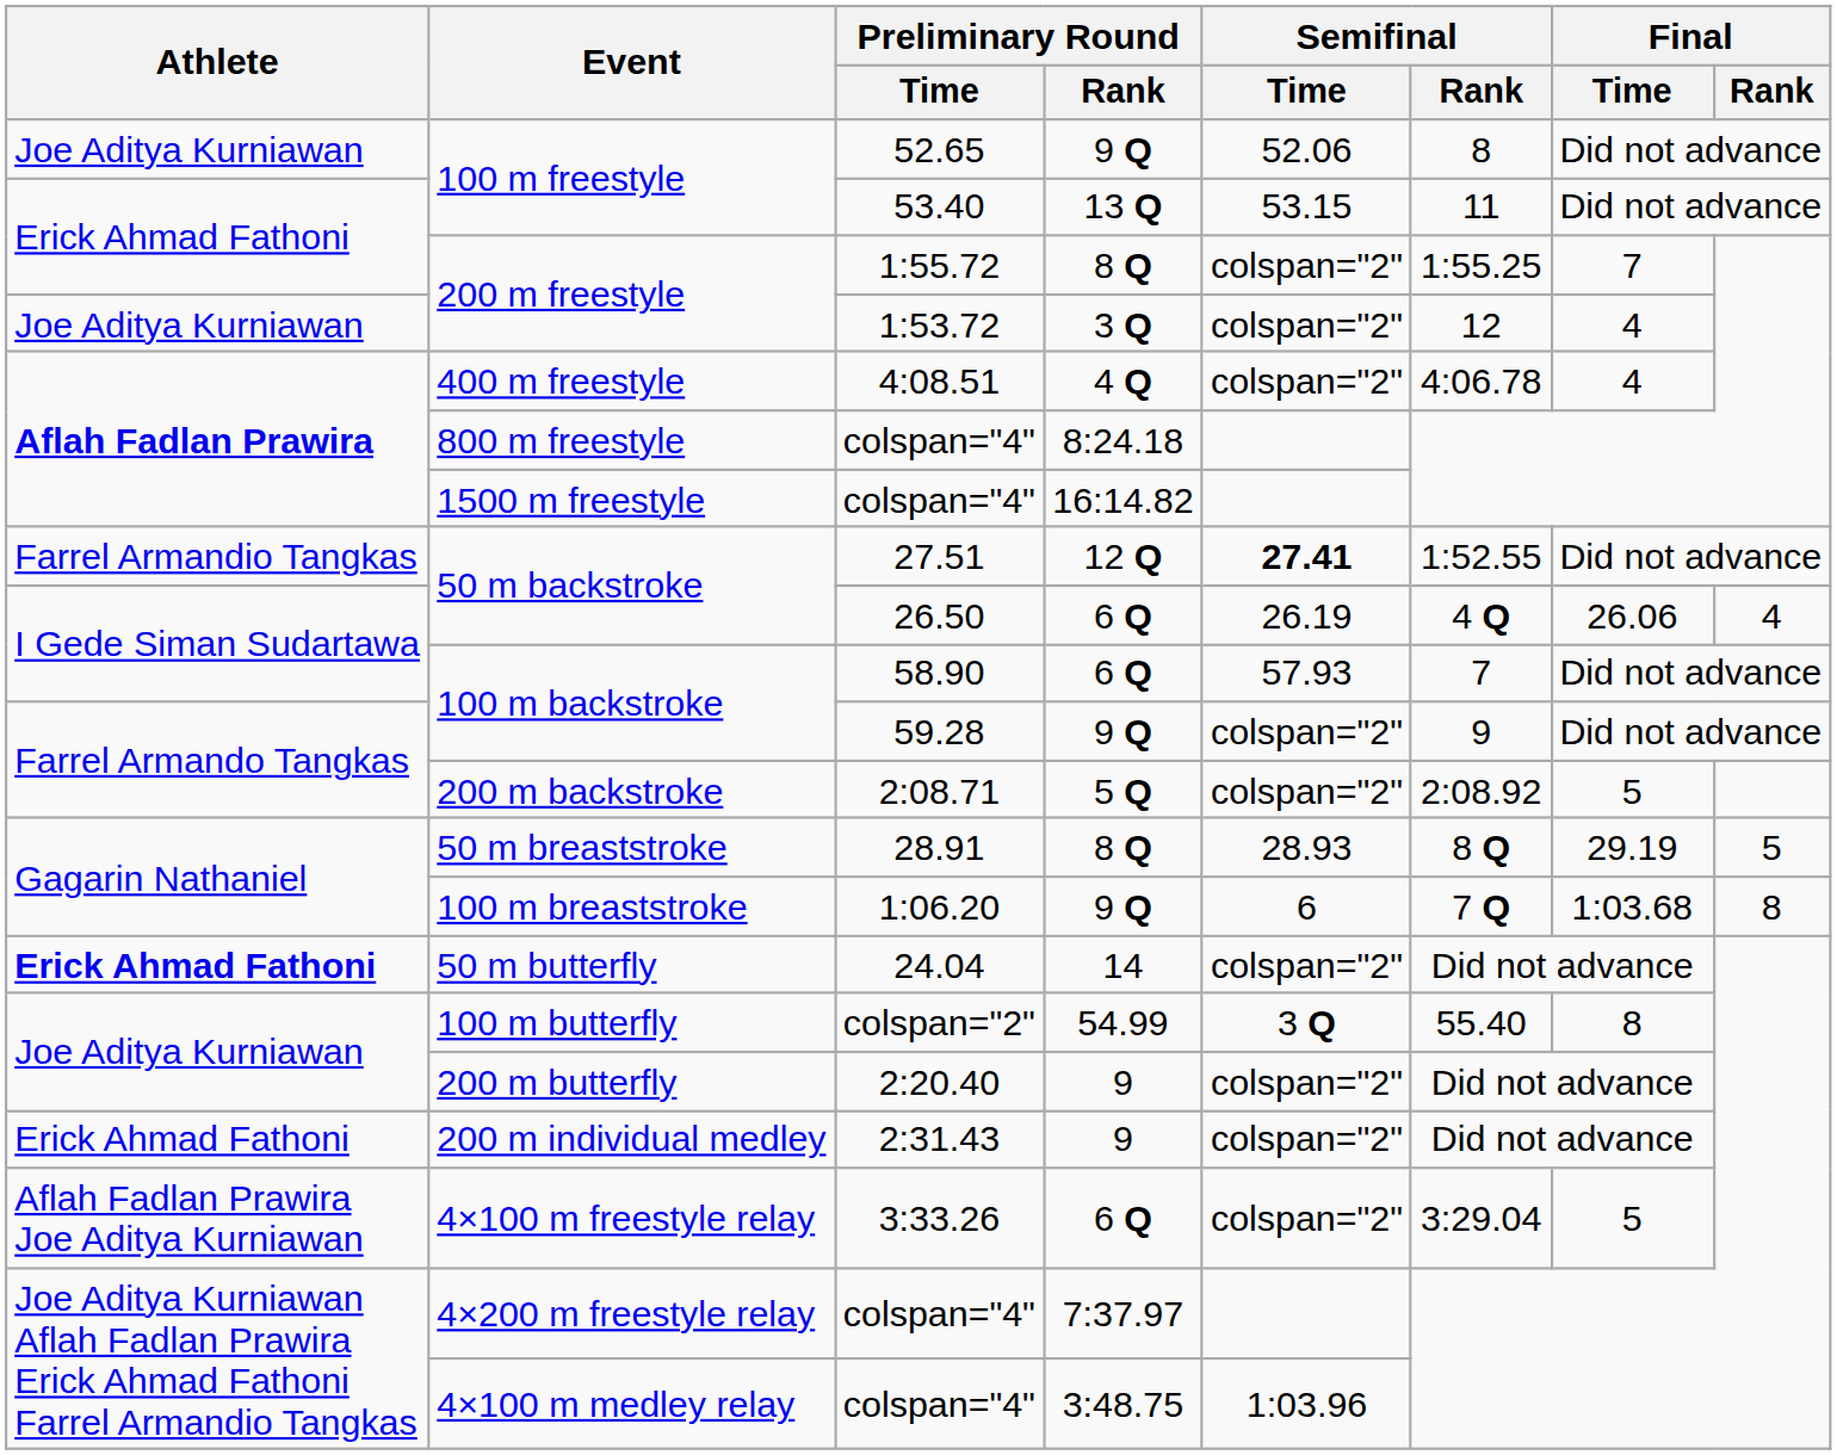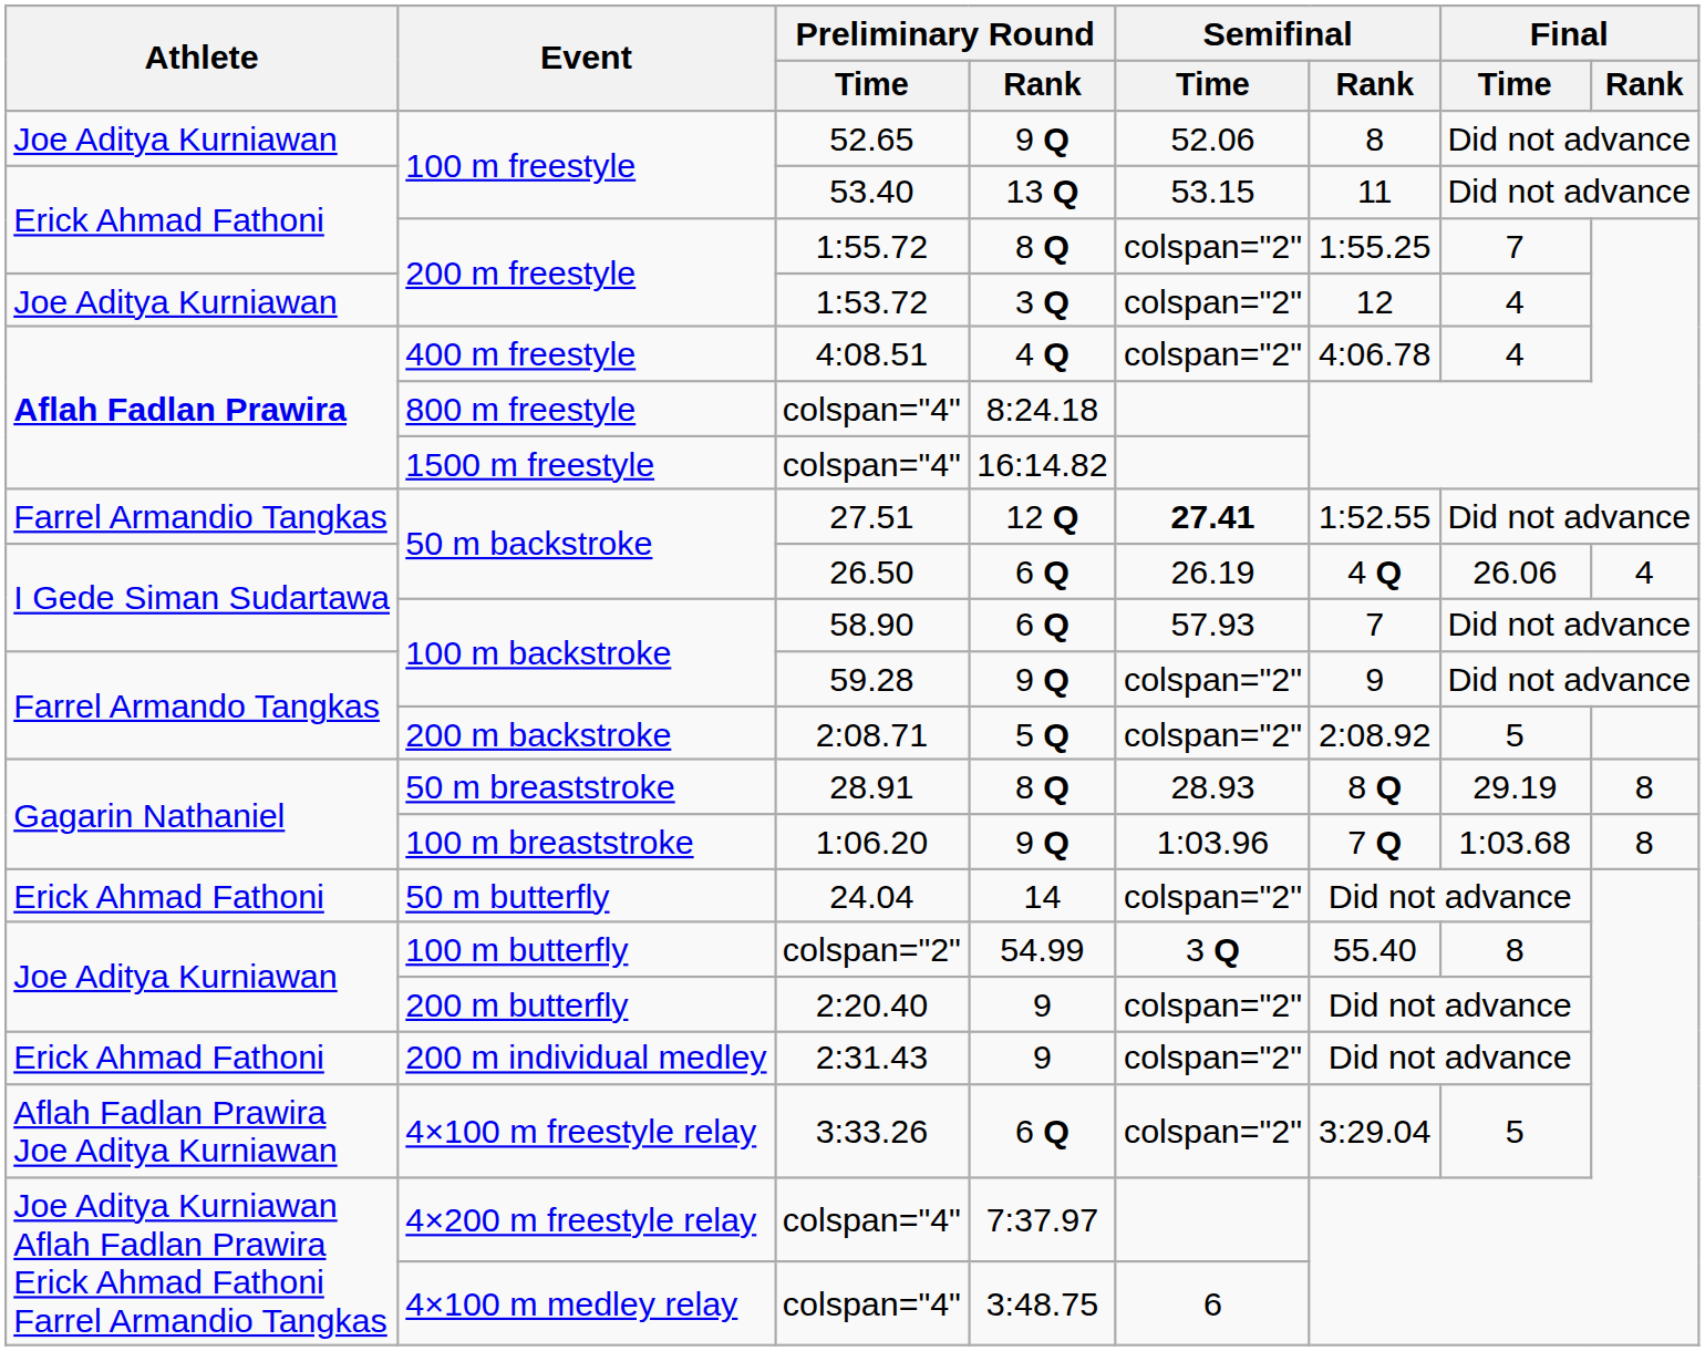 <table class=wikitable style=font-size:88%;text-align:center>
 <tr>
 <th rowspan=2>Athlete</th>
 <th rowspan=2>Event</th>
 <th colspan=2>Preliminary Round</th>
 <th colspan=2>Semifinal</th>
 <th colspan=2>Final</th>
 </tr>
 <tr style=font-size:95%>
 <th>Time</th>
 <th>Rank</th>
 <th>Time</th>
 <th>Rank</th>
 <th>Time</th>
 <th>Rank</th>
 </tr>
 <tr>
 <td align=left><a href='#'>Joe Aditya Kurniawan</a></td>
 <td align=left rowspan=2><a href='#'>100 m freestyle</a></td>
 <td>52.65</td>
 <td>9 <strong>Q</strong></td>
 <td>52.06</td>
 <td>8</td>
 <td colspan="2">Did not advance</td>
 </tr>
 <tr>
 <td align=left rowspan="2"><a href='#'>Erick Ahmad Fathoni</a></td>
 <td>53.40</td>
 <td>13 <strong>Q</strong></td>
 <td>53.15</td>
 <td>11</td>
 <td colspan="2">Did not advance</td>
 </tr>
 <tr>
 <td align=left rowspan=2><a href='#'>200 m freestyle</a></td>
 <td>1:55.72</td>
 <td>8 <strong>Q</strong></td>
 <td>colspan="2" </td>
 <td>1:55.25</td>
 <td>7</td>
 </tr>
 <tr>
 <td align=left><a href='#'>Joe Aditya Kurniawan</a></td>
 <td>1:53.72</td>
 <td>3 <strong>Q</strong></td>
 <td>colspan="2" </td>
 <td>12</td>
 <td>4</td>
 </tr>
 <tr>
 <td align=left rowspan="3"><strong><a href='#'>Aflah Fadlan Prawira</a></strong></td>
 <td align=left rowspan=1><a href='#'>400 m freestyle</a></td>
 <td>4:08.51</td>
 <td>4 <strong>Q</strong></td>
 <td>colspan="2" </td>
 <td>4:06.78</td>
 <td>4</td>
 </tr>
 <tr>
 <td align=left rowspan=1><a href='#'>800 m freestyle</a></td>
 <td>colspan="4" </td>
 <td>8:24.18</td>
 <td></td>
 </tr>
 <tr>
 <td align=left rowspan=1><a href='#'>1500 m freestyle</a></td>
 <td>colspan="4" </td>
 <td>16:14.82</td>
 <td></td>
 </tr>
 <tr>
 <td align=left><a href='#'>Farrel Armandio Tangkas</a></td>
 <td align=left rowspan="2"><a href='#'>50 m backstroke</a></td>
 <td>27.51</td>
 <td>12 <strong>Q</strong></td>
 <td><strong>27.41</strong></td>
 <td>1:52.55</td>
 <td colspan="2">Did not advance</td>
 </tr>
 <tr>
 <td align=left rowspan="2"><a href='#'>I Gede Siman Sudartawa</a></td>
 <td>26.50</td>
 <td>6 <strong>Q</strong></td>
 <td>26.19</td>
 <td>4 <strong>Q</strong></td>
 <td>26.06</td>
 <td>4</td>
 </tr>
 <tr>
 <td align=left rowspan="2"><a href='#'>100 m backstroke</a></td>
 <td>58.90</td>
 <td>6 <strong>Q</strong></td>
 <td>57.93</td>
 <td>7</td>
 <td colspan="2">Did not advance</td>
 </tr>
 <tr>
 <td align=left rowspan="2"><a href='#'>Farrel Armando Tangkas</a></td>
 <td>59.28</td>
 <td>9 <strong>Q</strong></td>
 <td>colspan="2" </td>
 <td>9</td>
 <td colspan="2">Did not advance</td>
 </tr>
 <tr>
 <td align=left rowspan=1><a href='#'>200 m backstroke</a></td>
 <td>2:08.71</td>
 <td>5 <strong>Q</strong></td>
 <td>colspan="2" </td>
 <td>2:08.92</td>
 <td>5</td>
 </tr>
 <tr>
 <td align=left rowspan="2"><a href='#'>Gagarin Nathaniel</a></td>
 <td align=left><a href='#'>50 m breaststroke</a></td>
 <td>28.91</td>
 <td>8 <strong>Q</strong></td>
 <td>28.93</td>
 <td>8 <strong>Q</strong></td>
 <td>29.19</td>
-<td>5</td>
+<td>8</td>
 </tr>
 <tr>
 <td align=left><a href='#'>100 m breaststroke</a></td>
 <td>1:06.20</td>
 <td>9 <strong>Q</strong></td>
-<td>6</td>
+<td>1:03.96</td>
 <td>7 <strong>Q</strong></td>
 <td>1:03.68</td>
 <td>8</td>
 </tr>
 <tr>
-<td align=left><strong><a href='#'>Erick Ahmad Fathoni</a></strong></td>
+<td align=left><a href='#'>Erick Ahmad Fathoni</a></td>
 <td align=left><a href='#'>50 m butterfly</a></td>
 <td>24.04</td>
 <td>14</td>
 <td>colspan="2" </td>
 <td colspan="2">Did not advance</td>
 </tr>
 <tr>
 <td align=left rowspan="2"><a href='#'>Joe Aditya Kurniawan</a></td>
 <td align=left rowspan=1><a href='#'>100 m butterfly</a></td>
 <td>colspan="2" </td>
 <td>54.99</td>
 <td>3 <strong>Q</strong></td>
 <td>55.40</td>
 <td>8</td>
 </tr>
 <tr>
 <td align=left rowspan=1><a href='#'>200 m butterfly</a></td>
 <td>2:20.40</td>
 <td>9</td>
 <td>colspan="2" </td>
 <td colspan="2">Did not advance</td>
 </tr>
 <tr>
 <td align=left><a href='#'>Erick Ahmad Fathoni</a></td>
 <td align=left><a href='#'>200 m individual medley</a></td>
 <td>2:31.43</td>
 <td>9</td>
 <td>colspan="2" </td>
 <td colspan="2">Did not advance</td>
 </tr>
 <tr>
 <td align=left><a href='#'>Aflah Fadlan Prawira</a><br><a href='#'>Joe Aditya Kurniawan</a></td>
 <td align=left><a href='#'>4×100 m freestyle relay</a></td>
 <td>3:33.26</td>
 <td>6 <strong>Q</strong></td>
 <td>colspan="2" </td>
 <td>3:29.04</td>
 <td>5</td>
 </tr>
 <tr>
 <td align=left rowspan="2"><a href='#'>Joe Aditya Kurniawan</a><br><a href='#'>Aflah Fadlan Prawira</a><br><a href='#'>Erick Ahmad Fathoni</a><br><a href='#'>Farrel Armandio Tangkas</a></td>
 <td align=left><a href='#'>4×200 m freestyle relay</a></td>
 <td>colspan="4" </td>
 <td>7:37.97</td>
 <td></td>
 </tr>
 <tr>
 <td align=left><a href='#'>4×100 m medley relay</a></td>
 <td>colspan="4" </td>
 <td>3:48.75</td>
-<td>1:03.96</td>
+<td>6</td>
 </tr>
 </table>
